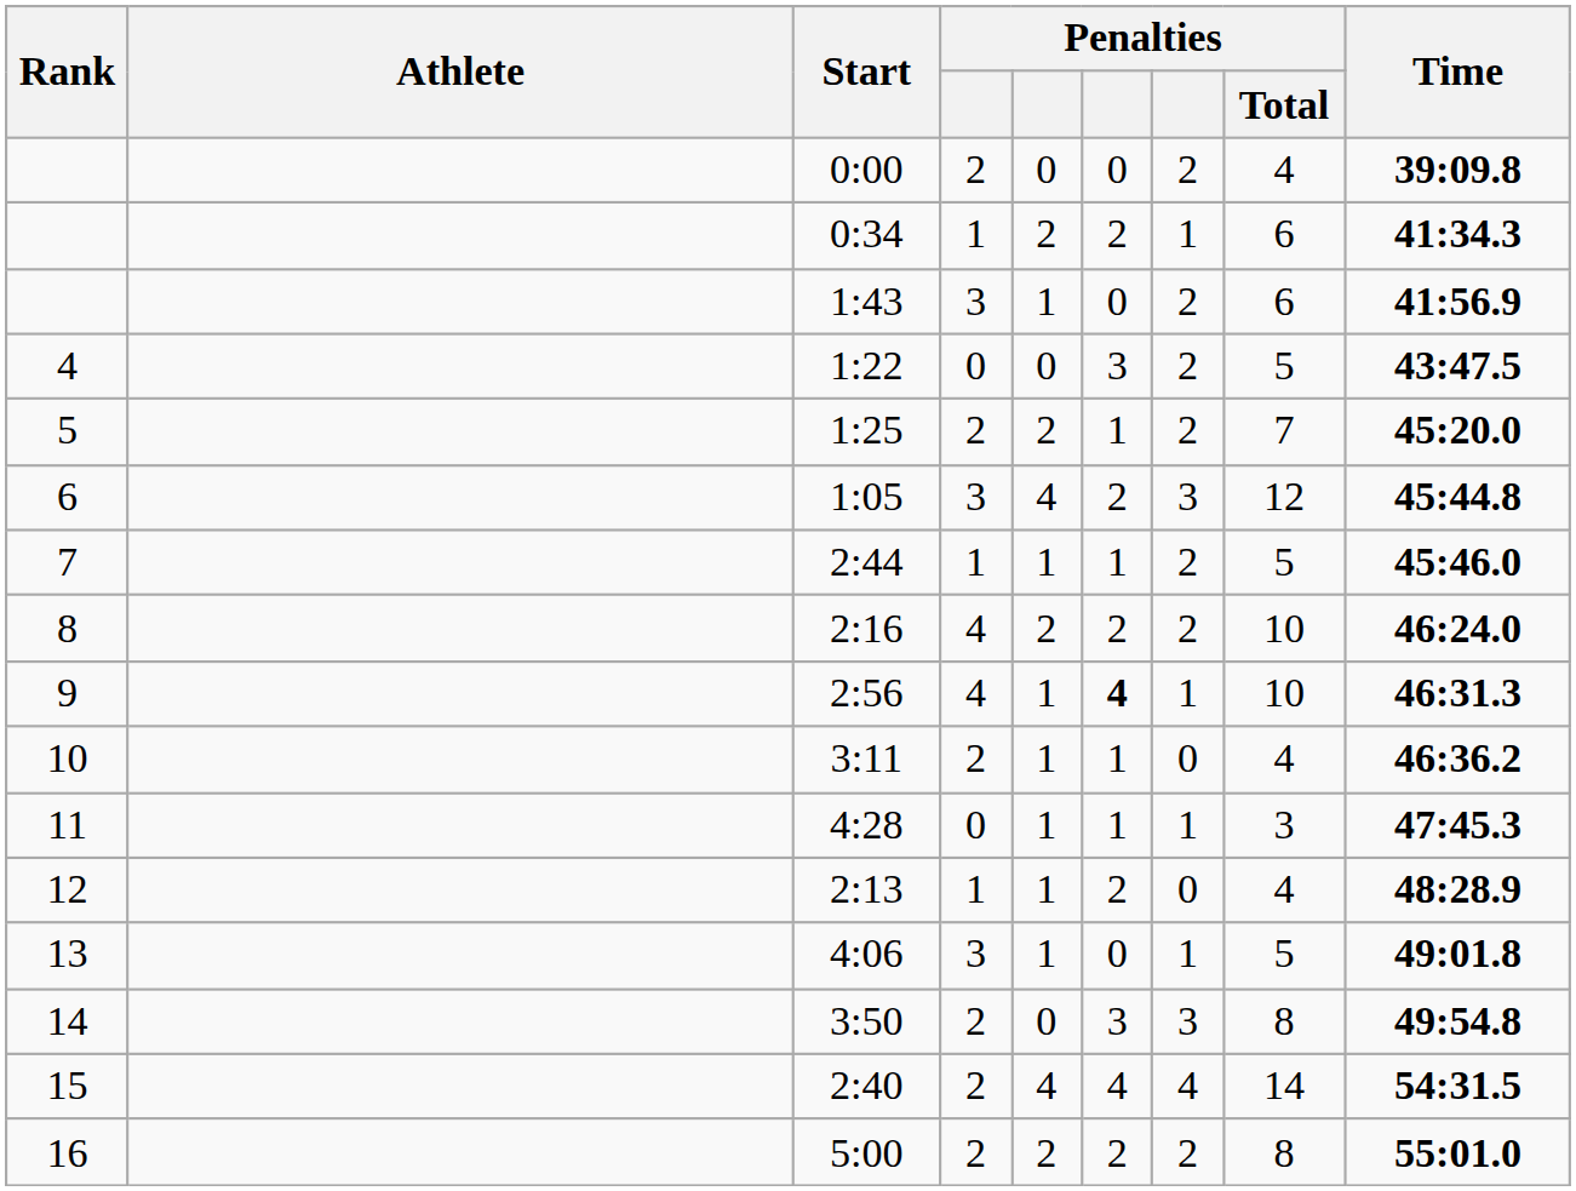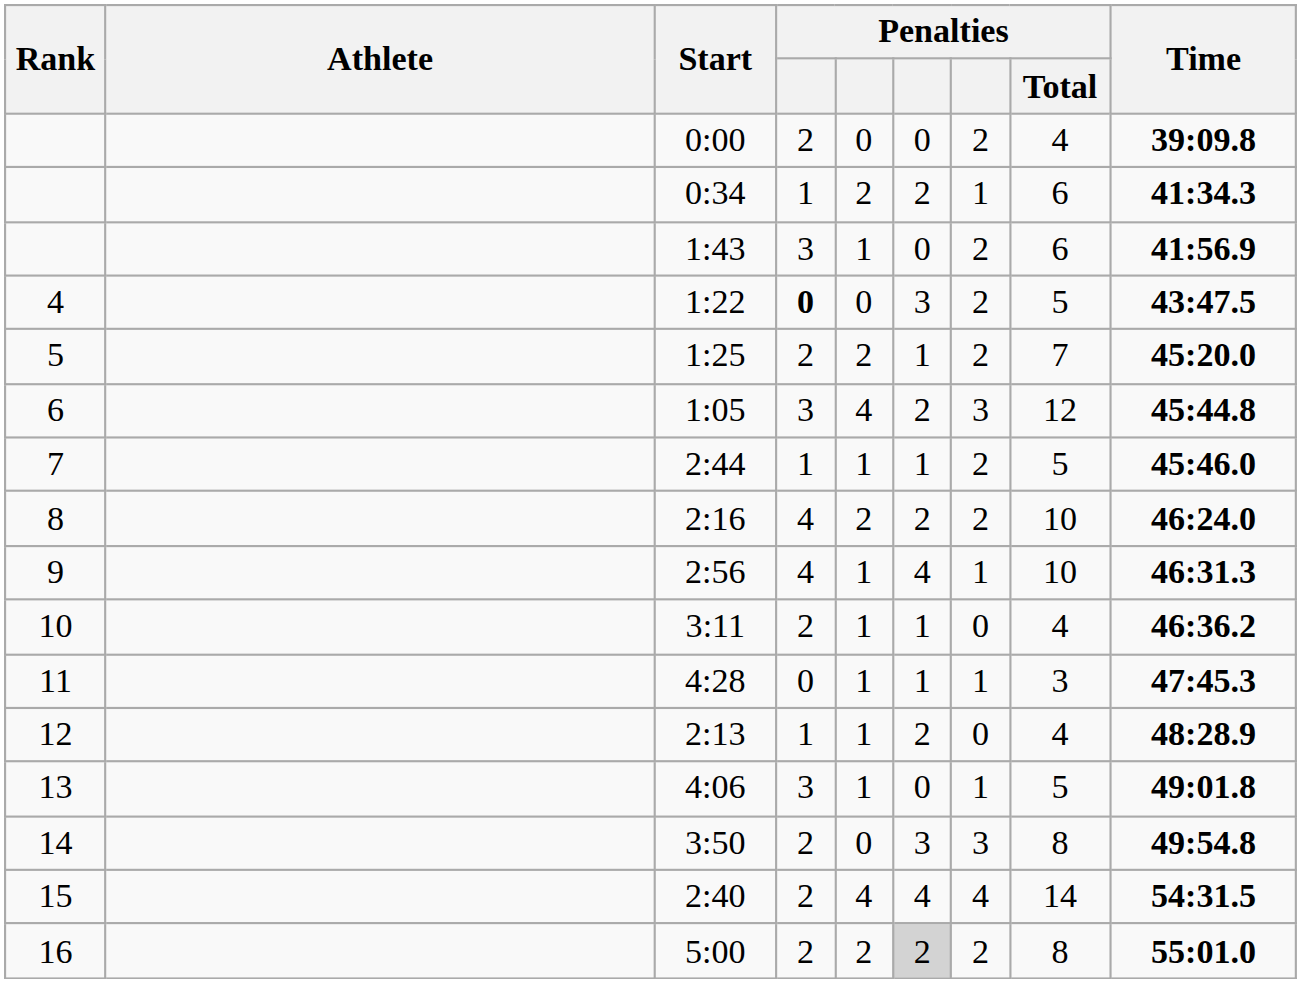 <table class=wikitable style="text-align:center">
 <tr>
 <th rowspan=2 width=40>Rank</th>
 <th rowspan=2 width=250>Athlete</th>
 <th rowspan=2 width=50>Start</th>
 <th colspan=5>Penalties</th>
 <th rowspan=2 width=80>Time</th>
 </tr>
 <tr>
 <th width=20></th>
 <th width=20></th>
 <th width=20></th>
 <th width=20></th>
 <th width=40>Total</th>
 </tr>
 <tr>
 <td></td>
 <td align=left></td>
 <td>0:00</td>
 <td>2</td>
 <td>0</td>
 <td>0</td>
 <td>2</td>
 <td>4</td>
 <td><strong>39:09.8</strong></td>
 </tr>
 <tr>
 <td></td>
 <td align=left></td>
 <td>0:34</td>
 <td>1</td>
 <td>2</td>
 <td>2</td>
 <td>1</td>
 <td>6</td>
 <td><strong>41:34.3</strong></td>
 </tr>
 <tr>
 <td></td>
 <td align=left></td>
 <td>1:43</td>
 <td>3</td>
 <td>1</td>
 <td>0</td>
 <td>2</td>
 <td>6</td>
 <td><strong>41:56.9</strong></td>
 </tr>
 <tr>
 <td>4</td>
 <td align=left></td>
 <td>1:22</td>
-<td>0</td>
+<td><strong>0</strong></td>
 <td>0</td>
 <td>3</td>
 <td>2</td>
 <td>5</td>
 <td><strong>43:47.5</strong></td>
 </tr>
 <tr>
 <td>5</td>
 <td align=left></td>
 <td>1:25</td>
 <td>2</td>
 <td>2</td>
 <td>1</td>
 <td>2</td>
 <td>7</td>
 <td><strong>45:20.0</strong></td>
 </tr>
 <tr>
 <td>6</td>
 <td align=left></td>
 <td>1:05</td>
 <td>3</td>
 <td>4</td>
 <td>2</td>
 <td>3</td>
 <td>12</td>
 <td><strong>45:44.8</strong></td>
 </tr>
 <tr>
 <td>7</td>
 <td align=left></td>
 <td>2:44</td>
 <td>1</td>
 <td>1</td>
 <td>1</td>
 <td>2</td>
 <td>5</td>
 <td><strong>45:46.0</strong></td>
 </tr>
 <tr>
 <td>8</td>
 <td align=left></td>
 <td>2:16</td>
 <td>4</td>
 <td>2</td>
 <td>2</td>
 <td>2</td>
 <td>10</td>
 <td><strong>46:24.0</strong></td>
 </tr>
 <tr>
 <td>9</td>
 <td align=left></td>
 <td>2:56</td>
 <td>4</td>
 <td>1</td>
-<td><strong>4</strong></td>
+<td>4</td>
 <td>1</td>
 <td>10</td>
 <td><strong>46:31.3</strong></td>
 </tr>
 <tr>
 <td>10</td>
 <td align=left></td>
 <td>3:11</td>
 <td>2</td>
 <td>1</td>
 <td>1</td>
 <td>0</td>
 <td>4</td>
 <td><strong>46:36.2</strong></td>
 </tr>
 <tr>
 <td>11</td>
 <td align=left></td>
 <td>4:28</td>
 <td>0</td>
 <td>1</td>
 <td>1</td>
 <td>1</td>
 <td>3</td>
 <td><strong>47:45.3</strong></td>
 </tr>
 <tr>
 <td>12</td>
 <td align=left></td>
 <td>2:13</td>
 <td>1</td>
 <td>1</td>
 <td>2</td>
 <td>0</td>
 <td>4</td>
 <td><strong>48:28.9</strong></td>
 </tr>
 <tr>
 <td>13</td>
 <td align=left></td>
 <td>4:06</td>
 <td>3</td>
 <td>1</td>
 <td>0</td>
 <td>1</td>
 <td>5</td>
 <td><strong>49:01.8</strong></td>
 </tr>
 <tr>
 <td>14</td>
 <td align=left></td>
 <td>3:50</td>
 <td>2</td>
 <td>0</td>
 <td>3</td>
 <td>3</td>
 <td>8</td>
 <td><strong>49:54.8</strong></td>
 </tr>
 <tr>
 <td>15</td>
 <td align=left></td>
 <td>2:40</td>
 <td>2</td>
 <td>4</td>
 <td>4</td>
 <td>4</td>
 <td>14</td>
 <td><strong>54:31.5</strong></td>
 </tr>
 <tr>
 <td>16</td>
 <td align=left></td>
 <td>5:00</td>
 <td>2</td>
 <td>2</td>
-<td>2</td>
+<td style="background: lightgrey;">2</td>
 <td>2</td>
 <td>8</td>
 <td><strong>55:01.0</strong></td>
 </tr>
 </table>
